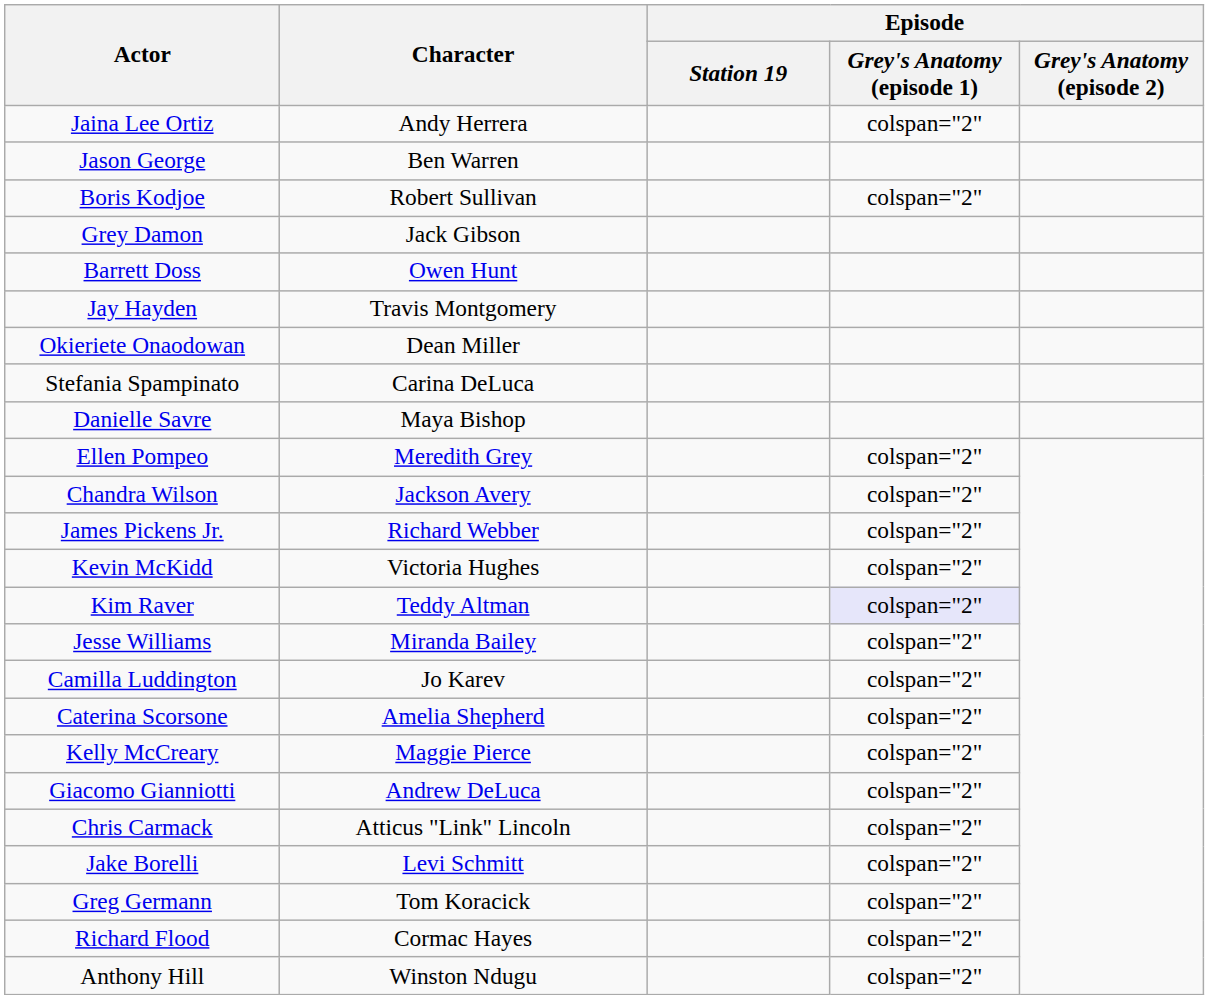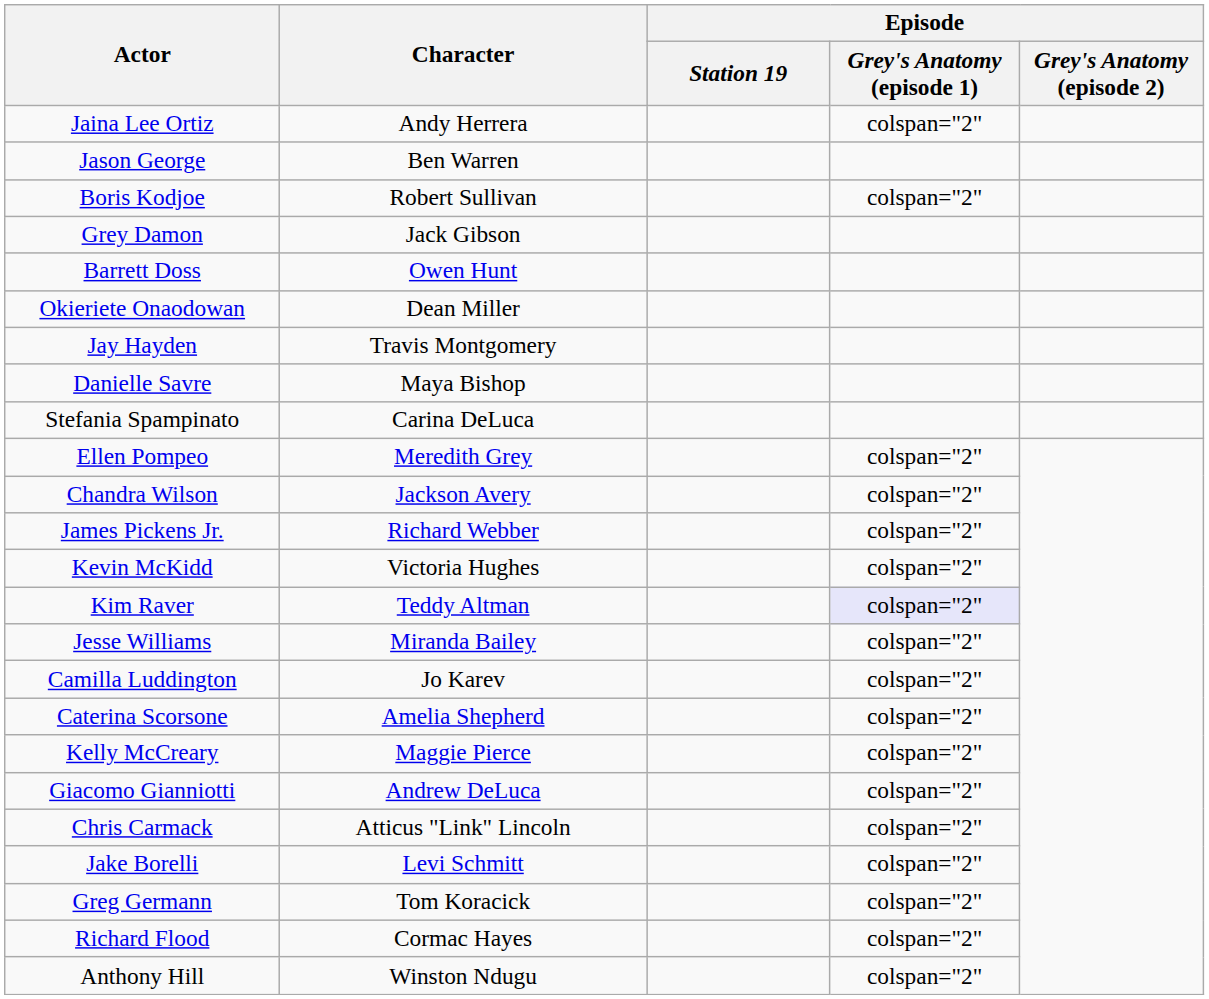 <table class="wikitable" style="width:65%; text-align:center;">
 <tr>
 <th scope="col" rowspan="2" width=15%>Actor</th>
 <th scope="col" rowspan="2" width=20%>Character</th>
 <th scope="col" colspan="3">Episode</th>
 </tr>
 <tr>
 <th scope="col" width=10%><em>Station 19</em></th>
 <th scope="col" width=10%><em>Grey's Anatomy</em> (episode 1)</th>
 <th scope="col" width=10%><em>Grey's Anatomy</em> (episode 2)</th>
 </tr>
 <tr>
 <td><a href='#'>Jaina Lee Ortiz</a></td>
 <td>Andy Herrera</td>
 <td></td>
 <td>colspan="2" </td>
 </tr>
 <tr>
 <td><a href='#'>Jason George</a></td>
 <td>Ben Warren</td>
 <td></td>
 <td></td>
 <td></td>
 </tr>
 <tr>
 <td><a href='#'>Boris Kodjoe</a></td>
 <td>Robert Sullivan</td>
 <td></td>
 <td>colspan="2" </td>
 </tr>
 <tr>
 <td><a href='#'>Grey Damon</a></td>
 <td>Jack Gibson</td>
 <td></td>
 <td></td>
 <td></td>
 </tr>
 <tr>
 <td><a href='#'>Barrett Doss</a></td>
 <td><a href='#'>Owen Hunt</a></td>
 <td></td>
 <td></td>
 <td></td>
 </tr>
 <tr>
+<td><a href='#'>Okieriete Onaodowan</a></td>
+<td>Dean Miller</td>
+<td></td>
+<td></td>
+<td></td>
+</tr>
+<tr>
 <td><a href='#'>Jay Hayden</a></td>
 <td>Travis Montgomery</td>
 <td></td>
 <td></td>
 <td></td>
 </tr>
 <tr>
-<td><a href='#'>Okieriete Onaodowan</a></td>
-<td>Dean Miller</td>
+<td><a href='#'>Danielle Savre</a></td>
+<td>Maya Bishop</td>
 <td></td>
 <td></td>
 <td></td>
 </tr>
 <tr>
 <td>Stefania Spampinato</td>
 <td>Carina DeLuca</td>
-<td></td>
-<td></td>
-<td></td>
-</tr>
-<tr>
-<td><a href='#'>Danielle Savre</a></td>
-<td>Maya Bishop</td>
 <td></td>
 <td></td>
 <td></td>
 </tr>
 <tr>
 <td><a href='#'>Ellen Pompeo</a></td>
 <td><a href='#'>Meredith Grey</a></td>
 <td></td>
 <td>colspan="2" </td>
 </tr>
 <tr>
 <td><a href='#'>Chandra Wilson</a></td>
 <td><a href='#'>Jackson Avery</a></td>
 <td></td>
 <td>colspan="2" </td>
 </tr>
 <tr>
 <td><a href='#'>James Pickens Jr.</a></td>
 <td><a href='#'>Richard Webber</a></td>
 <td></td>
 <td>colspan="2" </td>
 </tr>
 <tr>
 <td><a href='#'>Kevin McKidd</a></td>
 <td>Victoria Hughes</td>
 <td></td>
 <td>colspan="2" </td>
 </tr>
 <tr>
 <td><a href='#'>Kim Raver</a></td>
 <td><a href='#'>Teddy Altman</a></td>
 <td></td>
 <td style="background: lavender;">colspan="2" </td>
 </tr>
 <tr>
 <td><a href='#'>Jesse Williams</a></td>
 <td><a href='#'>Miranda Bailey</a></td>
 <td></td>
 <td>colspan="2" </td>
 </tr>
 <tr>
 <td><a href='#'>Camilla Luddington</a></td>
 <td>Jo Karev</td>
 <td></td>
 <td>colspan="2" </td>
 </tr>
 <tr>
 <td><a href='#'>Caterina Scorsone</a></td>
 <td><a href='#'>Amelia Shepherd</a></td>
 <td></td>
 <td>colspan="2" </td>
 </tr>
 <tr>
 <td><a href='#'>Kelly McCreary</a></td>
 <td><a href='#'>Maggie Pierce</a></td>
 <td></td>
 <td>colspan="2" </td>
 </tr>
 <tr>
 <td><a href='#'>Giacomo Gianniotti</a></td>
 <td><a href='#'>Andrew DeLuca</a></td>
 <td></td>
 <td>colspan="2" </td>
 </tr>
 <tr>
 <td><a href='#'>Chris Carmack</a></td>
 <td>Atticus "Link" Lincoln</td>
 <td></td>
 <td>colspan="2" </td>
 </tr>
 <tr>
 <td><a href='#'>Jake Borelli</a></td>
 <td><a href='#'>Levi Schmitt</a></td>
 <td></td>
 <td>colspan="2" </td>
 </tr>
 <tr>
 <td><a href='#'>Greg Germann</a></td>
 <td>Tom Koracick</td>
 <td></td>
 <td>colspan="2" </td>
 </tr>
 <tr>
 <td><a href='#'>Richard Flood</a></td>
 <td>Cormac Hayes</td>
 <td></td>
 <td>colspan="2" </td>
 </tr>
 <tr>
 <td>Anthony Hill</td>
 <td>Winston Ndugu</td>
 <td></td>
 <td>colspan="2" </td>
 </tr>
 </table>
